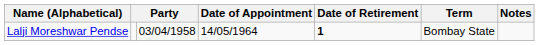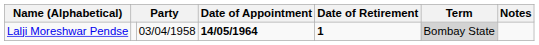 <table class="wikitable sortable">
 <tr>
 <th>Name (Alphabetical)</th>
 <th colspan=2>Party</th>
 <th>Date of Appointment</th>
 <th>Date of Retirement</th>
 <th>Term</th>
 <th>Notes</th>
 </tr>
 <tr>
 <td><a href='#'>Lalji Moreshwar Pendse</a></td>
 <td></td>
 <td>03/04/1958</td>
-<td>14/05/1964</td>
+<td><strong>14/05/1964</strong></td>
 <td><strong>1</strong></td>
-<td>Bombay State</td>
+<td style="background: lightgrey;">Bombay State</td>
 </tr>
 </table>
